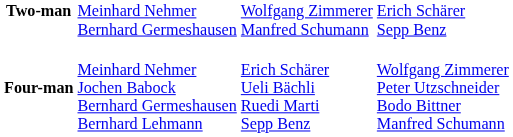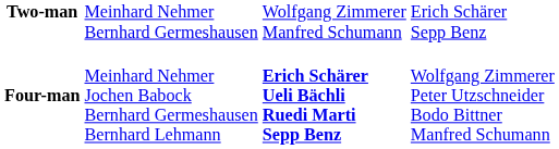 <table>
 <tr>
 <th scope="row">Two-man <br></th>
 <td><br><a href='#'>Meinhard Nehmer</a><br><a href='#'>Bernhard Germeshausen</a></td>
 <td><br><a href='#'>Wolfgang Zimmerer</a><br><a href='#'>Manfred Schumann</a></td>
 <td><br><a href='#'>Erich Schärer</a><br><a href='#'>Sepp Benz</a></td>
 </tr>
 <tr>
 <th scope="row">Four-man <br></th>
 <td><br><a href='#'>Meinhard Nehmer</a><br> <a href='#'>Jochen Babock</a> <br> <a href='#'>Bernhard Germeshausen</a> <br> <a href='#'>Bernhard Lehmann</a></td>
-<td><br><a href='#'>Erich Schärer</a> <br> <a href='#'>Ueli Bächli</a> <br> <a href='#'>Ruedi Marti</a> <br>  <a href='#'>Sepp Benz</a></td>
+<td><strong><br><a href='#'>Erich Schärer</a> <br> <a href='#'>Ueli Bächli</a> <br> <a href='#'>Ruedi Marti</a> <br>  <a href='#'>Sepp Benz</a></strong></td>
 <td><br><a href='#'>Wolfgang Zimmerer</a> <br> <a href='#'>Peter Utzschneider</a> <br> <a href='#'>Bodo Bittner</a> <br>  <a href='#'>Manfred Schumann</a></td>
 </tr>
 </table>
